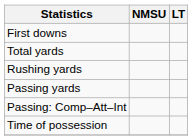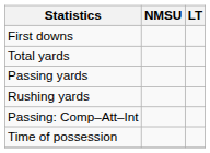 <table class="wikitable" style="float: left;">
 <tr>
 <th>Statistics</th>
 <th>NMSU</th>
 <th>LT</th>
 </tr>
 <tr>
 <td>First downs</td>
 <td></td>
 <td></td>
 </tr>
 <tr>
 <td>Total yards</td>
 <td></td>
 <td></td>
 </tr>
 <tr>
-<td>Rushing yards</td>
+<td>Passing yards</td>
 <td></td>
 <td></td>
 </tr>
 <tr>
-<td>Passing yards</td>
+<td>Rushing yards</td>
 <td></td>
 <td></td>
 </tr>
 <tr>
 <td>Passing: Comp–Att–Int</td>
 <td></td>
 <td></td>
 </tr>
 <tr>
 <td>Time of possession</td>
 <td></td>
 <td></td>
 </tr>
 <tr>
 </tr>
 </table>
